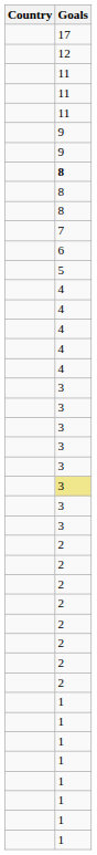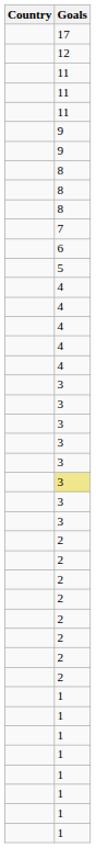 <table class="wikitable">
 <tr>
 <th>Country</th>
 <th>Goals</th>
 </tr>
 <tr>
 <td></td>
 <td>17</td>
 </tr>
 <tr>
 <td></td>
 <td>12</td>
 </tr>
 <tr>
 <td></td>
 <td>11</td>
 </tr>
 <tr>
 <td></td>
 <td>11</td>
 </tr>
 <tr>
 <td></td>
 <td>11</td>
 </tr>
 <tr>
 <td></td>
 <td>9</td>
 </tr>
 <tr>
 <td></td>
 <td>9</td>
 </tr>
 <tr>
 <td></td>
-<td><strong>8</strong></td>
+<td>8</td>
 </tr>
 <tr>
 <td></td>
 <td>8</td>
 </tr>
 <tr>
 <td></td>
 <td>8</td>
 </tr>
 <tr>
 <td></td>
 <td>7</td>
 </tr>
 <tr>
 <td></td>
 <td>6</td>
 </tr>
 <tr>
 <td></td>
 <td>5</td>
 </tr>
 <tr>
 <td></td>
 <td>4</td>
 </tr>
 <tr>
 <td></td>
 <td>4</td>
 </tr>
 <tr>
 <td></td>
 <td>4</td>
 </tr>
 <tr>
 <td></td>
 <td>4</td>
 </tr>
 <tr>
 <td></td>
 <td>4</td>
 </tr>
 <tr>
 <td></td>
 <td>3</td>
 </tr>
 <tr>
 <td></td>
 <td>3</td>
 </tr>
 <tr>
 <td></td>
 <td>3</td>
 </tr>
 <tr>
 <td></td>
 <td>3</td>
 </tr>
 <tr>
 <td></td>
 <td>3</td>
 </tr>
 <tr>
 <td></td>
 <td style="background: khaki;">3</td>
 </tr>
 <tr>
 <td></td>
 <td>3</td>
 </tr>
 <tr>
 <td></td>
 <td>3</td>
 </tr>
 <tr>
 <td></td>
 <td>2</td>
 </tr>
 <tr>
 <td></td>
 <td>2</td>
 </tr>
 <tr>
 <td></td>
 <td>2</td>
 </tr>
 <tr>
 <td></td>
 <td>2</td>
 </tr>
 <tr>
 <td></td>
 <td>2</td>
 </tr>
 <tr>
 <td></td>
 <td>2</td>
 </tr>
 <tr>
 <td></td>
 <td>2</td>
 </tr>
 <tr>
 <td></td>
 <td>2</td>
 </tr>
 <tr>
 <td></td>
 <td>1</td>
 </tr>
 <tr>
 <td></td>
 <td>1</td>
 </tr>
 <tr>
 <td></td>
 <td>1</td>
 </tr>
 <tr>
 <td></td>
 <td>1</td>
 </tr>
 <tr>
 <td></td>
 <td>1</td>
 </tr>
 <tr>
 <td></td>
 <td>1</td>
 </tr>
 <tr>
 <td></td>
 <td>1</td>
 </tr>
 <tr>
 <td></td>
 <td>1</td>
 </tr>
 </table>
